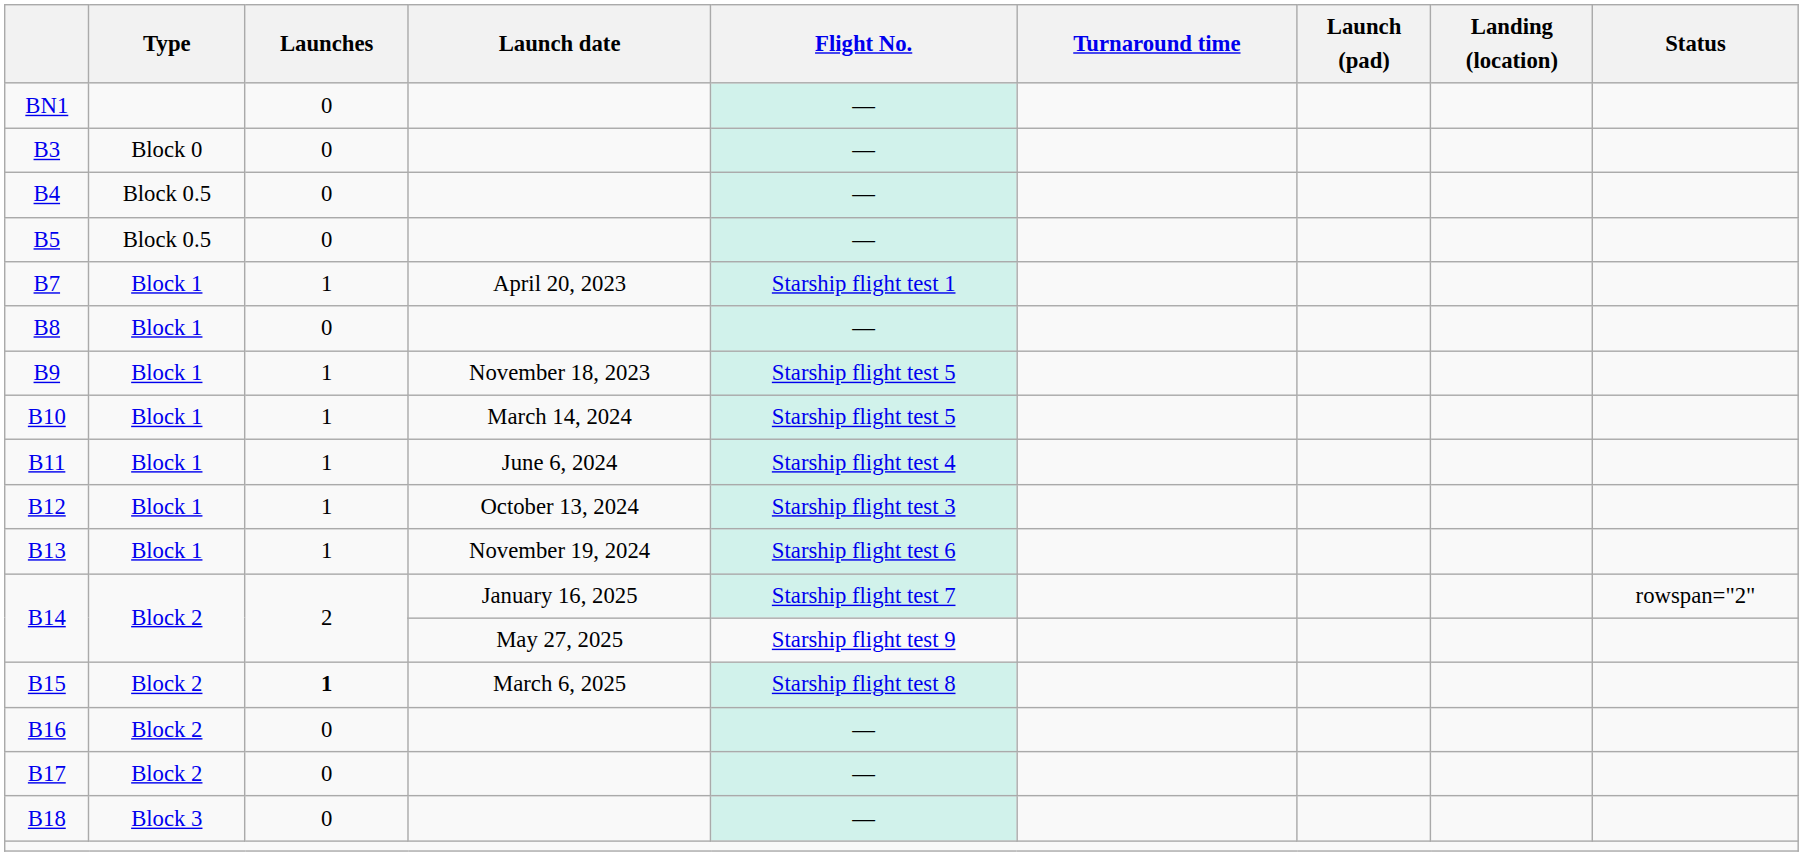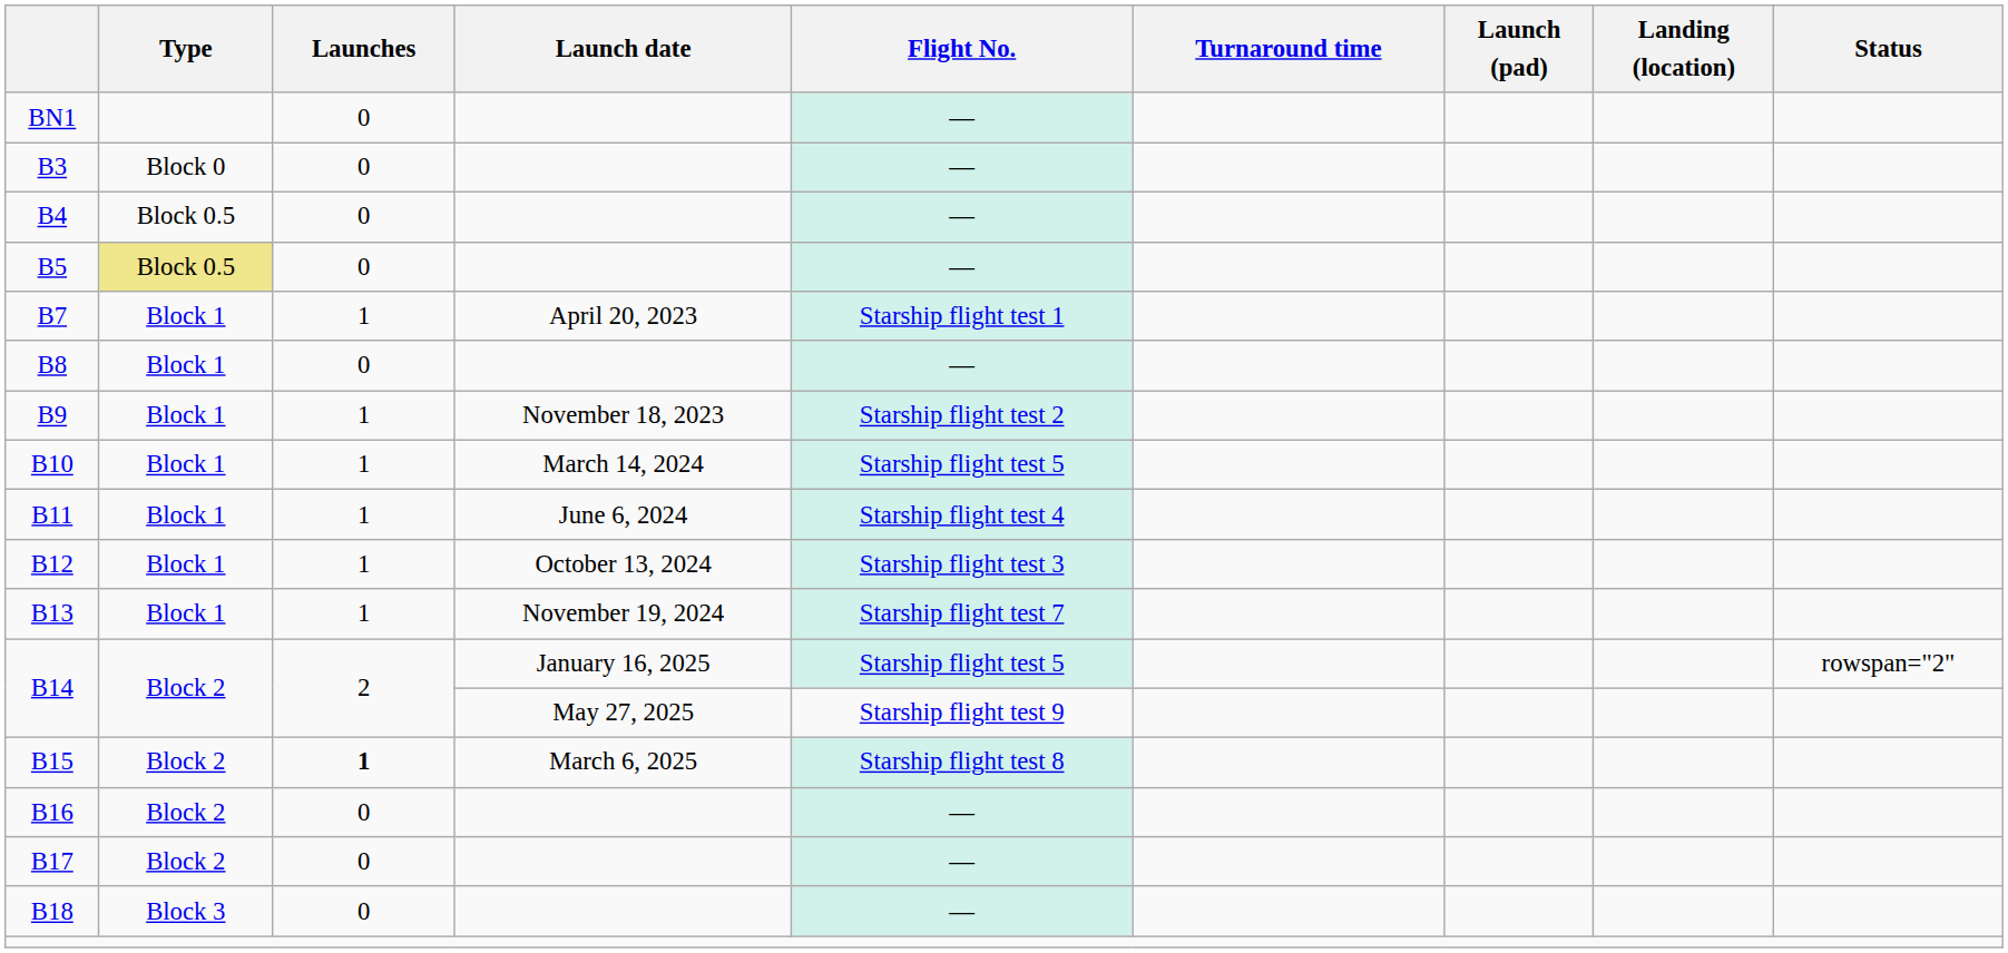 <table class="wikitable sortable sticky-header" style="font-size:1.00em; line-height:1.5em; text-align:center; width: 100%;">
 <tr>
 <th></th>
 <th>Type</th>
 <th>Launches</th>
 <th>Launch date</th>
 <th data-sort-type="text"><a href='#'>Flight No.</a></th>
 <th><a href='#'>Turnaround time</a></th>
 <th>Launch<br>(pad)</th>
 <th>Landing<br>(location)</th>
 <th>Status</th>
 </tr>
 <tr>
 <td><a href='#'>BN1</a></td>
 <td></td>
 <td>0</td>
 <td></td>
 <td style="background:#D1F2EB">—</td>
 <td></td>
 <td></td>
 <td></td>
 <td></td>
 </tr>
 <tr>
 <td><a href='#'>B3</a></td>
 <td>Block 0</td>
 <td>0</td>
 <td></td>
 <td style="background:#D1F2EB">—</td>
 <td></td>
 <td></td>
 <td></td>
 <td></td>
 </tr>
 <tr>
 <td><a href='#'>B4</a></td>
 <td>Block 0.5</td>
 <td>0</td>
 <td></td>
 <td style="background:#D1F2EB">—</td>
 <td></td>
 <td></td>
 <td></td>
 <td></td>
 </tr>
 <tr>
 <td><a href='#'>B5</a></td>
-<td>Block 0.5</td>
+<td style="background: khaki;">Block 0.5</td>
 <td>0</td>
 <td></td>
 <td style="background:#D1F2EB">—</td>
 <td></td>
 <td></td>
 <td></td>
 <td></td>
 </tr>
 <tr>
 <td><a href='#'>B7</a></td>
 <td><a href='#'>Block 1</a></td>
 <td>1</td>
 <td>April 20, 2023</td>
 <td style="background:#D1F2EB"><a href='#'>Starship flight test 1</a></td>
 <td></td>
 <td></td>
 <td></td>
 <td></td>
 </tr>
 <tr>
 <td><a href='#'>B8</a></td>
 <td><a href='#'>Block 1</a></td>
 <td>0</td>
 <td></td>
 <td style="background:#D1F2EB">—</td>
 <td></td>
 <td></td>
 <td></td>
 <td></td>
 </tr>
 <tr>
 <td><a href='#'>B9</a></td>
 <td><a href='#'>Block 1</a></td>
 <td>1</td>
 <td>November 18, 2023</td>
-<td style="background:#D1F2EB"><a href='#'>Starship flight test 5</a></td>
+<td style="background:#D1F2EB"><a href='#'>Starship flight test 2</a></td>
 <td></td>
 <td></td>
 <td></td>
 <td></td>
 </tr>
 <tr>
 <td><a href='#'>B10</a></td>
 <td><a href='#'>Block 1</a></td>
 <td>1</td>
 <td>March 14, 2024</td>
 <td style="background:#D1F2EB"><a href='#'>Starship flight test 5</a></td>
 <td></td>
 <td></td>
 <td></td>
 <td></td>
 </tr>
 <tr>
 <td><a href='#'>B11</a></td>
 <td><a href='#'>Block 1</a></td>
 <td>1</td>
 <td>June 6, 2024</td>
 <td style="background:#D1F2EB"><a href='#'>Starship flight test 4</a></td>
 <td></td>
 <td></td>
 <td></td>
 <td></td>
 </tr>
 <tr>
 <td><a href='#'>B12</a></td>
 <td><a href='#'>Block 1</a></td>
 <td>1</td>
 <td>October 13, 2024</td>
 <td style="background:#D1F2EB"><a href='#'>Starship flight test 3</a></td>
 <td></td>
 <td></td>
 <td></td>
 <td></td>
 </tr>
 <tr>
 <td><a href='#'>B13</a></td>
 <td><a href='#'>Block 1</a></td>
 <td>1</td>
 <td>November 19, 2024</td>
-<td style="background:#D1F2EB"><a href='#'>Starship flight test 6</a></td>
+<td style="background:#D1F2EB"><a href='#'>Starship flight test 7</a></td>
 <td></td>
 <td></td>
 <td></td>
 <td></td>
 </tr>
 <tr>
 <td rowspan="2"><a href='#'>B14</a></td>
 <td rowspan="2"><a href='#'>Block 2</a></td>
 <td rowspan="2">2</td>
 <td>January 16, 2025</td>
-<td style="background:#D1F2EB"><a href='#'>Starship flight test 7</a></td>
+<td style="background:#D1F2EB"><a href='#'>Starship flight test 5</a></td>
 <td></td>
 <td></td>
 <td></td>
 <td>rowspan="2" </td>
 </tr>
 <tr>
 <td>May 27, 2025</td>
 <td><a href='#'>Starship flight test 9</a></td>
 <td></td>
 <td></td>
 <td></td>
 </tr>
 <tr>
 <td><a href='#'>B15</a></td>
 <td><a href='#'>Block 2</a></td>
 <td><strong>1</strong></td>
 <td>March 6, 2025</td>
 <td style="background:#D1F2EB"><a href='#'>Starship flight test 8</a></td>
 <td></td>
 <td></td>
 <td></td>
 <td></td>
 </tr>
 <tr>
 <td><a href='#'>B16</a></td>
 <td><a href='#'>Block 2</a></td>
 <td>0</td>
 <td></td>
 <td style="background:#D1F2EB">—</td>
 <td></td>
 <td></td>
 <td></td>
 <td></td>
 </tr>
 <tr>
 <td><a href='#'>B17</a></td>
 <td><a href='#'>Block 2</a></td>
 <td>0</td>
 <td></td>
 <td style="background:#D1F2EB">—</td>
 <td></td>
 <td></td>
 <td></td>
 <td></td>
 </tr>
 <tr>
 <td><a href='#'>B18</a></td>
 <td><a href='#'>Block 3</a></td>
 <td>0</td>
 <td></td>
 <td style="background:#D1F2EB">—</td>
 <td></td>
 <td></td>
 <td></td>
 <td></td>
 </tr>
 <tr class="sortbottom">
 <td colspan="9"></td>
 </tr>
 </table>
